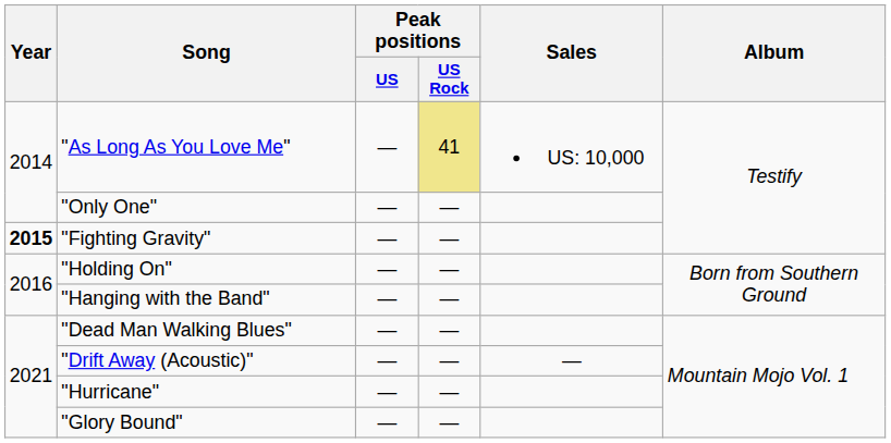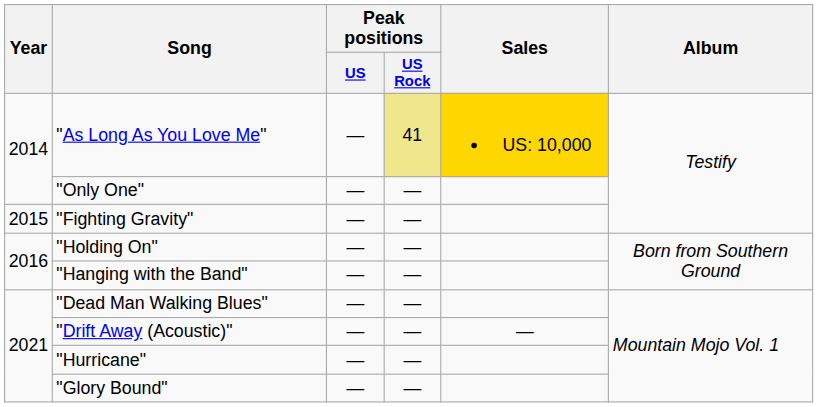 <table class="wikitable">
 <tr>
 <th rowspan="2">Year</th>
 <th rowspan="2" style="width:15em;">Song</th>
 <th colspan="2">Peak positions</th>
 <th rowspan="2" style="width:9em;">Sales</th>
 <th rowspan="2" style="width:11em;">Album</th>
 </tr>
 <tr style="font-size:smaller;">
 <th style="width:45px;"><a href='#'>US</a></th>
 <th style="width:45px;"><a href='#'>US<br>Rock</a></th>
 </tr>
 <tr>
 <td style="text-align:center;" rowspan="2">2014</td>
 <td>"<a href='#'>As Long As You Love Me</a>"</td>
 <td style="text-align:center;">—</td>
 <td style="background: khaki; text-align:center;">41</td>
-<td style="text-align:center;"><br><ul><li>US: 10,000</li></ul></td>
+<td style="background: gold; text-align:center;"><br><ul><li>US: 10,000</li></ul></td>
 <td style="text-align:center;" rowspan="3"><em>Testify</em></td>
 </tr>
 <tr>
 <td>"Only One"</td>
 <td style="text-align:center;">—</td>
 <td style="text-align:center;">—</td>
 <td style="text-align:center;"></td>
 </tr>
 <tr>
-<td style="text-align:center;"><strong>2015</strong></td>
+<td style="text-align:center;">2015</td>
 <td>"Fighting Gravity"</td>
 <td style="text-align:center;">—</td>
 <td style="text-align:center;">—</td>
 <td style="text-align:center;"></td>
 </tr>
 <tr>
 <td rowspan="2">2016</td>
 <td>"Holding On"</td>
 <td style="text-align:center;">—</td>
 <td style="text-align:center;">—</td>
 <td style="text-align:center;"></td>
 <td rowspan="2" style="text-align:center;"><em>Born from Southern Ground</em></td>
 </tr>
 <tr>
 <td>"Hanging with the Band"</td>
 <td style="text-align:center;">—</td>
 <td style="text-align:center;">—</td>
 <td style="text-align:center;"></td>
 </tr>
 <tr>
 <td rowspan=4>2021</td>
 <td>"Dead Man Walking Blues"<br> </td>
 <td style="text-align:center;">—</td>
 <td style="text-align:center;">—</td>
 <td style="text-align:center;"></td>
 <td rowspan="4"><em>Mountain Mojo Vol. 1</em></td>
 </tr>
 <tr>
 <td>"<a href='#'>Drift Away</a> (Acoustic)"</td>
 <td style="text-align:center;">—</td>
 <td style="text-align:center;">—</td>
 <td style="text-align:center;">—</td>
 </tr>
 <tr>
 <td>"Hurricane"<br> </td>
 <td style="text-align:center;">—</td>
 <td style="text-align:center;">—</td>
 <td style="text-align:center;"></td>
 </tr>
 <tr>
 <td>"Glory Bound"<br> </td>
 <td style="text-align:center;">—</td>
 <td style="text-align:center;">—</td>
 <td style="text-align:center;"></td>
 </tr>
 </table>
